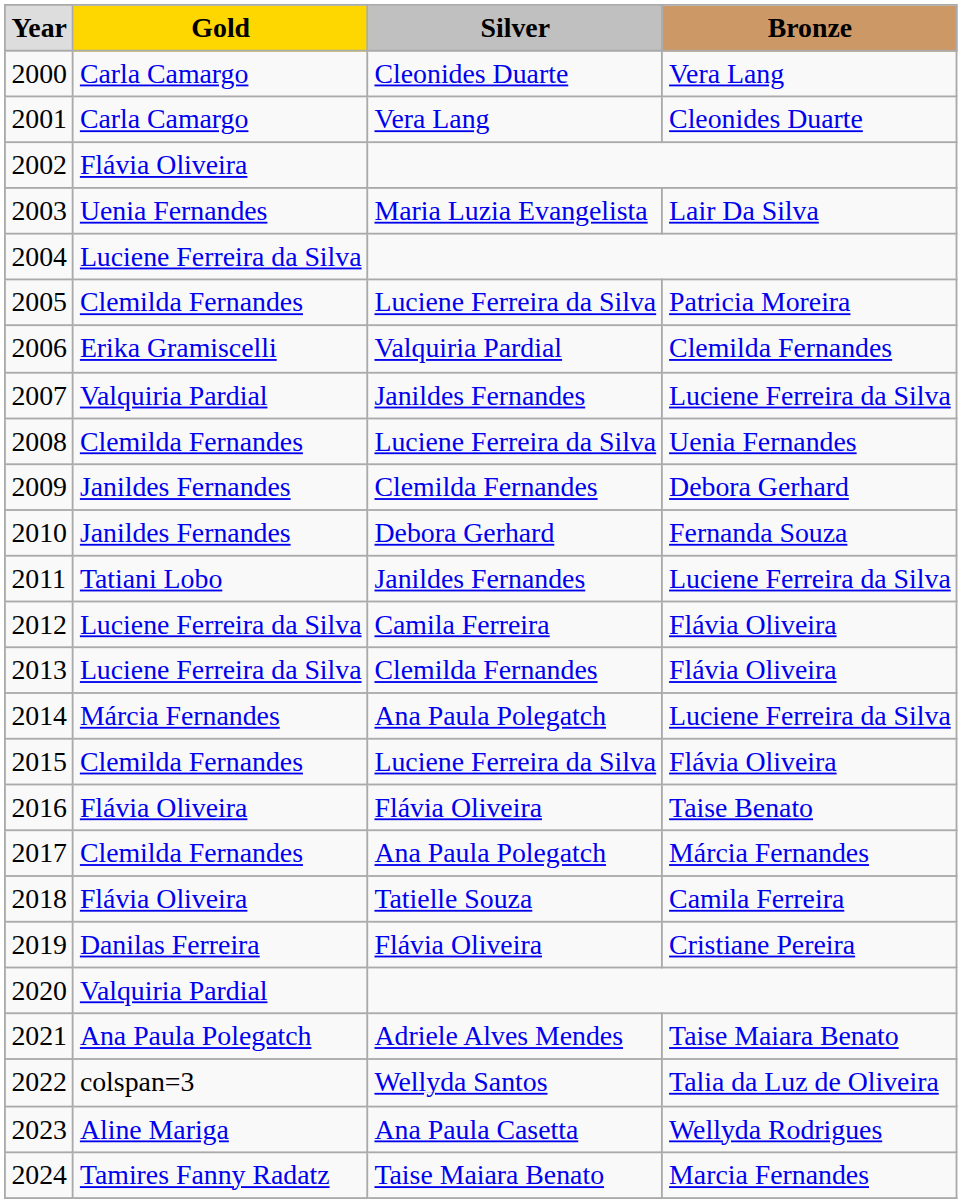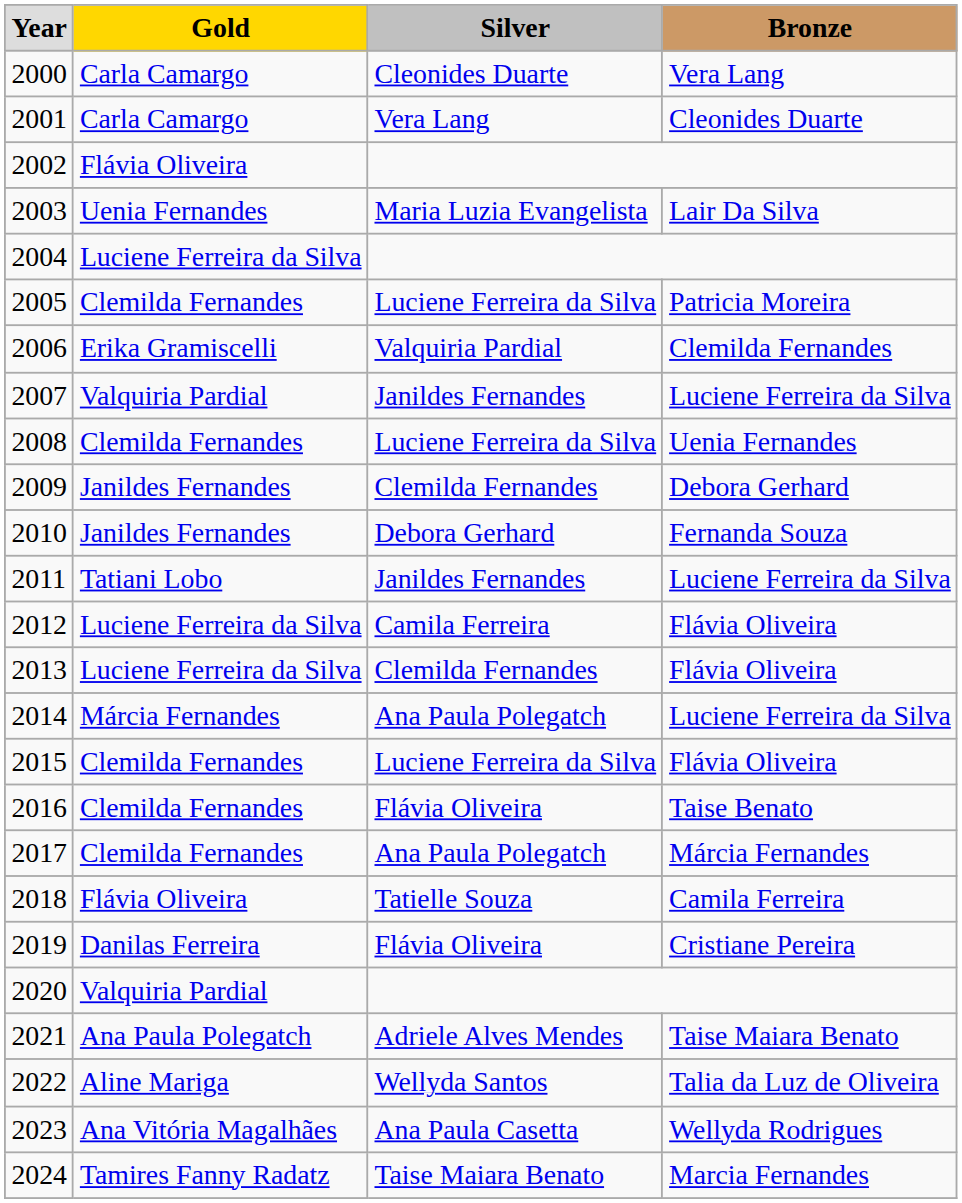 <table class="wikitable sortable alternance" style="font-size:95%">
 <tr style="text-align:center; background:#e4e4e4; font-weight:bold;">
 <td style="background:#ddd; ">Year</td>
 <td style="background:gold; ">Gold</td>
 <td style="background:silver; ">Silver</td>
 <td style="background:#c96; ">Bronze</td>
 </tr>
 <tr>
 <td>2000</td>
 <td><a href='#'>Carla Camargo</a></td>
 <td><a href='#'>Cleonides Duarte</a></td>
 <td><a href='#'>Vera Lang</a></td>
 </tr>
 <tr>
 <td>2001</td>
 <td><a href='#'>Carla Camargo</a></td>
 <td><a href='#'>Vera Lang</a></td>
 <td><a href='#'>Cleonides Duarte</a></td>
 </tr>
 <tr>
 <td>2002</td>
 <td><a href='#'>Flávia Oliveira</a></td>
 </tr>
 <tr>
 <td>2003</td>
 <td><a href='#'>Uenia Fernandes</a></td>
 <td><a href='#'>Maria Luzia Evangelista</a></td>
 <td><a href='#'>Lair Da Silva</a></td>
 </tr>
 <tr>
 <td>2004</td>
 <td><a href='#'>Luciene Ferreira da Silva</a></td>
 </tr>
 <tr>
 <td>2005</td>
 <td><a href='#'>Clemilda Fernandes</a></td>
 <td><a href='#'>Luciene Ferreira da Silva</a></td>
 <td><a href='#'>Patricia Moreira</a></td>
 </tr>
 <tr>
 <td>2006</td>
 <td><a href='#'>Erika Gramiscelli</a></td>
 <td><a href='#'>Valquiria Pardial</a></td>
 <td><a href='#'>Clemilda Fernandes</a></td>
 </tr>
 <tr>
 <td>2007</td>
 <td><a href='#'>Valquiria Pardial</a></td>
 <td><a href='#'>Janildes Fernandes</a></td>
 <td><a href='#'>Luciene Ferreira da Silva</a></td>
 </tr>
 <tr>
 <td>2008</td>
 <td><a href='#'>Clemilda Fernandes</a></td>
 <td><a href='#'>Luciene Ferreira da Silva</a></td>
 <td><a href='#'>Uenia Fernandes</a></td>
 </tr>
 <tr>
 <td>2009</td>
 <td><a href='#'>Janildes Fernandes</a></td>
 <td><a href='#'>Clemilda Fernandes</a></td>
 <td><a href='#'>Debora Gerhard</a></td>
 </tr>
 <tr>
 <td>2010</td>
 <td><a href='#'>Janildes Fernandes</a></td>
 <td><a href='#'>Debora Gerhard</a></td>
 <td><a href='#'>Fernanda Souza</a></td>
 </tr>
 <tr>
 <td>2011</td>
 <td><a href='#'>Tatiani Lobo</a></td>
 <td><a href='#'>Janildes Fernandes</a></td>
 <td><a href='#'>Luciene Ferreira da Silva</a></td>
 </tr>
 <tr>
 <td>2012</td>
 <td><a href='#'>Luciene Ferreira da Silva</a></td>
 <td><a href='#'>Camila Ferreira</a></td>
 <td><a href='#'>Flávia Oliveira</a></td>
 </tr>
 <tr>
 <td>2013</td>
 <td><a href='#'>Luciene Ferreira da Silva</a></td>
 <td><a href='#'>Clemilda Fernandes</a></td>
 <td><a href='#'>Flávia Oliveira</a></td>
 </tr>
 <tr>
 <td>2014</td>
 <td><a href='#'>Márcia Fernandes</a></td>
 <td><a href='#'>Ana Paula Polegatch</a></td>
 <td><a href='#'>Luciene Ferreira da Silva</a></td>
 </tr>
 <tr>
 <td>2015</td>
 <td><a href='#'>Clemilda Fernandes</a></td>
 <td><a href='#'>Luciene Ferreira da Silva</a></td>
 <td><a href='#'>Flávia Oliveira</a></td>
 </tr>
 <tr>
 <td>2016</td>
-<td><a href='#'>Flávia Oliveira</a></td>
+<td><a href='#'>Clemilda Fernandes</a></td>
 <td><a href='#'>Flávia Oliveira</a></td>
 <td><a href='#'>Taise Benato</a></td>
 </tr>
 <tr>
 <td>2017</td>
 <td><a href='#'>Clemilda Fernandes</a></td>
 <td><a href='#'>Ana Paula Polegatch</a></td>
 <td><a href='#'>Márcia Fernandes</a></td>
 </tr>
 <tr>
 <td>2018</td>
 <td><a href='#'>Flávia Oliveira</a></td>
 <td><a href='#'>Tatielle Souza</a></td>
 <td><a href='#'>Camila Ferreira</a></td>
 </tr>
 <tr>
 <td>2019</td>
 <td><a href='#'>Danilas Ferreira</a></td>
 <td><a href='#'>Flávia Oliveira</a></td>
 <td><a href='#'>Cristiane Pereira</a></td>
 </tr>
 <tr>
 <td>2020</td>
 <td><a href='#'>Valquiria Pardial</a></td>
 </tr>
 <tr>
 <td>2021</td>
 <td><a href='#'>Ana Paula Polegatch</a></td>
 <td><a href='#'>Adriele Alves Mendes</a></td>
 <td><a href='#'>Taise Maiara Benato</a></td>
 </tr>
 <tr>
 <td>2022</td>
-<td>colspan=3 </td>
+<td><a href='#'>Aline Mariga</a></td>
 <td><a href='#'>Wellyda Santos</a></td>
 <td><a href='#'>Talia da Luz de Oliveira</a></td>
 </tr>
 <tr>
 <td>2023</td>
-<td><a href='#'>Aline Mariga</a></td>
+<td><a href='#'>Ana Vitória Magalhães</a></td>
 <td><a href='#'>Ana Paula Casetta</a></td>
 <td><a href='#'>Wellyda Rodrigues</a></td>
 </tr>
 <tr>
 <td>2024</td>
 <td><a href='#'>Tamires Fanny Radatz</a></td>
 <td><a href='#'>Taise Maiara Benato</a></td>
 <td><a href='#'>Marcia Fernandes</a></td>
 </tr>
 </table>
